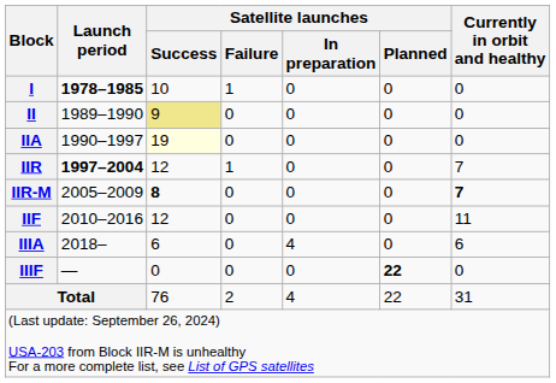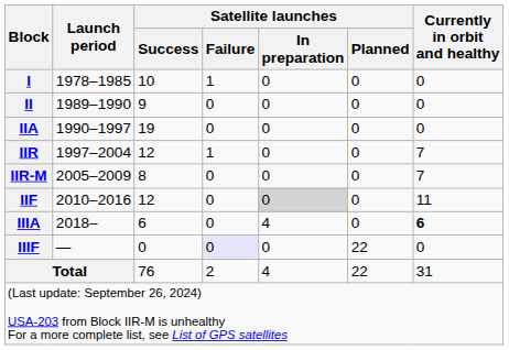 <table class="wikitable">
 <tr>
 <th rowspan="2">Block</th>
 <th rowspan="2">Launch <br>period</th>
 <th colspan="4">Satellite launches</th>
 <th rowspan="2">Currently<br> in orbit<br> and healthy</th>
 </tr>
 <tr>
 <th>Success</th>
 <th>Failure</th>
 <th>In<br>preparation</th>
 <th>Planned</th>
 </tr>
 <tr>
 <th><a href='#'>I</a></th>
-<td><strong>1978–1985</strong></td>
+<td>1978–1985</td>
 <td>10</td>
 <td>1</td>
 <td>0</td>
 <td>0</td>
 <td>0</td>
 </tr>
 <tr>
 <th><a href='#'>II</a></th>
 <td>1989–1990</td>
-<td style="background: khaki;">9</td>
+<td>9</td>
 <td>0</td>
 <td>0</td>
 <td>0</td>
 <td>0</td>
 </tr>
 <tr>
 <th><a href='#'>IIA</a></th>
 <td>1990–1997</td>
-<td style="background: lightyellow;">19</td>
+<td>19</td>
 <td>0</td>
 <td>0</td>
 <td>0</td>
 <td>0</td>
 </tr>
 <tr>
 <th><a href='#'>IIR</a></th>
-<td><strong>1997–2004</strong></td>
+<td>1997–2004</td>
 <td>12</td>
 <td>1</td>
 <td>0</td>
 <td>0</td>
 <td>7</td>
 </tr>
 <tr>
 <th><a href='#'>IIR-M</a></th>
 <td>2005–2009</td>
-<td><strong>8</strong></td>
+<td>8</td>
 <td>0</td>
 <td>0</td>
 <td>0</td>
-<td><strong>7</strong></td>
+<td>7</td>
 </tr>
 <tr>
 <th><a href='#'>IIF</a></th>
 <td>2010–2016</td>
 <td>12</td>
 <td>0</td>
-<td>0</td>
+<td style="background: lightgrey;">0</td>
 <td>0</td>
 <td>11</td>
 </tr>
 <tr>
 <th><a href='#'>IIIA</a></th>
 <td>2018–</td>
 <td>6</td>
 <td>0</td>
 <td>4</td>
 <td>0</td>
-<td>6</td>
+<td><strong>6</strong></td>
 </tr>
 <tr>
 <th><a href='#'>IIIF</a></th>
 <td>—</td>
 <td>0</td>
+<td style="background: lavender;">0</td>
 <td>0</td>
-<td>0</td>
-<td><strong>22</strong></td>
+<td>22</td>
 <td>0</td>
 </tr>
 <tr>
 <th colspan="2">Total</th>
 <td>76</td>
 <td>2</td>
 <td>4</td>
 <td>22</td>
 <td>31</td>
 </tr>
 <tr>
 <td colspan="7" style="font-size: smaller;">(Last update: September 26, 2024)<br><br><a href='#'>USA-203</a> from Block IIR-M is unhealthy<br> For a more complete list, see <em><a href='#'>List of GPS satellites</a></em></td>
 </tr>
 </table>
